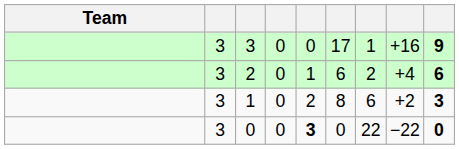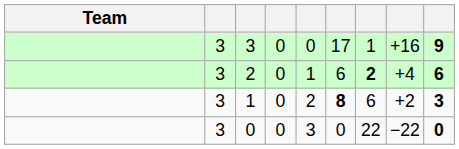 <table class="wikitable" style="text-align: center;">
 <tr>
 <th width="175">Team</th>
 <th width="20"></th>
 <th width="20"></th>
 <th width="20"></th>
 <th width="20"></th>
 <th width="20"></th>
 <th width="20"></th>
 <th width="20"></th>
 <th width="20"></th>
 </tr>
 <tr bgcolor="#ccffcc">
 <td align=left></td>
 <td>3</td>
 <td>3</td>
 <td>0</td>
 <td>0</td>
 <td>17</td>
 <td>1</td>
 <td>+16</td>
 <td><strong>9</strong></td>
 </tr>
 <tr bgcolor="#ccffcc">
 <td align=left></td>
 <td>3</td>
 <td>2</td>
 <td>0</td>
 <td>1</td>
 <td>6</td>
-<td>2</td>
+<td><strong>2</strong></td>
 <td>+4</td>
 <td><strong>6</strong></td>
 </tr>
 <tr bgcolor=>
 <td align=left></td>
 <td>3</td>
 <td>1</td>
 <td>0</td>
 <td>2</td>
-<td>8</td>
+<td><strong>8</strong></td>
 <td>6</td>
 <td>+2</td>
 <td><strong>3</strong></td>
 </tr>
 <tr bgcolor=>
 <td align=left><em></em></td>
 <td>3</td>
 <td>0</td>
 <td>0</td>
-<td><strong>3</strong></td>
+<td>3</td>
 <td>0</td>
 <td>22</td>
 <td>−22</td>
 <td><strong>0</strong></td>
 </tr>
 </table>
